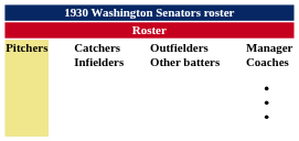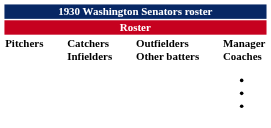 <table class="toccolours" style="font-size: 95%;">
 <tr>
 <th colspan="10" style="background-color: #072764; color: white; text-align: center;">1930 Washington Senators roster</th>
 </tr>
 <tr>
 <td colspan="10" style="background-color: #c6011f; color: white; text-align: center;"><strong>Roster</strong></td>
 </tr>
 <tr>
-<td valign="top" style="background: khaki;"><strong>Pitchers</strong><br>           </td>
+<td valign="top"><strong>Pitchers</strong><br>           </td>
 <td width="25px"></td>
 <td valign="top"><strong>Catchers</strong><br>    <strong>Infielders</strong>           </td>
 <td width="25px"></td>
 <td valign="top"><strong>Outfielders</strong><br>        <strong>Other batters</strong> </td>
 <td width="25px"></td>
 <td valign="top"><strong>Manager</strong><br> <strong>Coaches</strong><ul><li></li><li></li><li></li></ul></td>
 </tr>
 <tr>
 </tr>
 </table>
